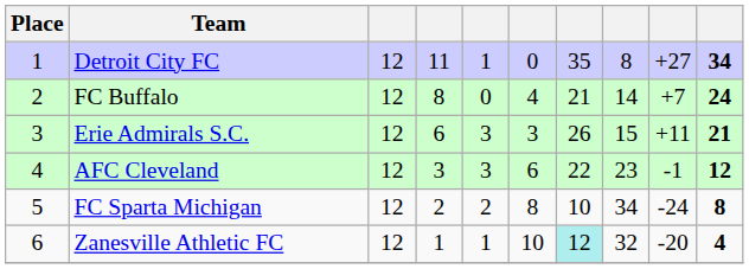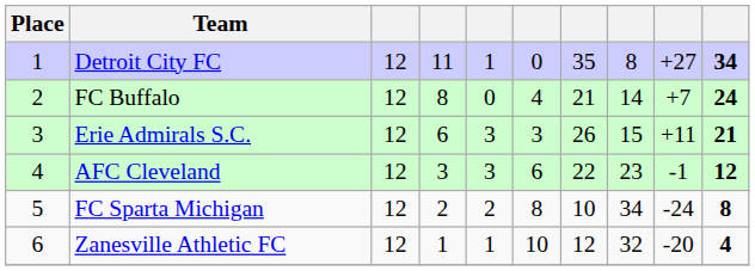 <table class="wikitable" style="text-align: center;">
 <tr>
 <th>Place</th>
 <th width="200">Team</th>
 <th width="25"></th>
 <th width="25"></th>
 <th width="25"></th>
 <th width="25"></th>
 <th width="25"></th>
 <th width="25"></th>
 <th width="25"></th>
 <th width="25"></th>
 </tr>
 <tr bgcolor=#ccccff>
 <td>1</td>
 <td align=left><a href='#'>Detroit City FC</a></td>
 <td>12</td>
 <td>11</td>
 <td>1</td>
 <td>0</td>
 <td>35</td>
 <td>8</td>
 <td>+27</td>
 <td><strong>34</strong></td>
 </tr>
 <tr bgcolor=#ccffcc>
 <td>2</td>
 <td align=left>FC Buffalo</td>
 <td>12</td>
 <td>8</td>
 <td>0</td>
 <td>4</td>
 <td>21</td>
 <td>14</td>
 <td>+7</td>
 <td><strong>24</strong></td>
 </tr>
 <tr bgcolor=#ccffcc>
 <td>3</td>
 <td align=left><a href='#'>Erie Admirals S.C.</a></td>
 <td>12</td>
 <td>6</td>
 <td>3</td>
 <td>3</td>
 <td>26</td>
 <td>15</td>
 <td>+11</td>
 <td><strong>21</strong></td>
 </tr>
 <tr bgcolor=#ccffcc>
 <td>4</td>
 <td align=left><a href='#'>AFC Cleveland</a></td>
 <td>12</td>
 <td>3</td>
 <td>3</td>
 <td>6</td>
 <td>22</td>
 <td>23</td>
 <td>-1</td>
 <td><strong>12</strong></td>
 </tr>
 <tr>
 <td>5</td>
 <td align=left><a href='#'>FC Sparta Michigan</a></td>
 <td>12</td>
 <td>2</td>
 <td>2</td>
 <td>8</td>
 <td>10</td>
 <td>34</td>
 <td>-24</td>
 <td><strong>8</strong></td>
 </tr>
 <tr>
 <td>6</td>
 <td align=left><a href='#'>Zanesville Athletic FC</a></td>
 <td>12</td>
 <td>1</td>
 <td>1</td>
 <td>10</td>
-<td style="background: paleturquoise;">12</td>
+<td>12</td>
 <td>32</td>
 <td>-20</td>
 <td><strong>4</strong></td>
 </tr>
 <tr>
 </tr>
 </table>
